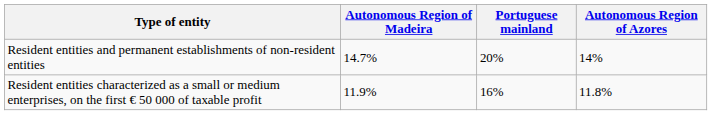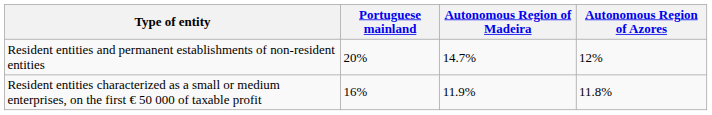 <table class="wikitable">
 <tr>
 <th>Type of entity</th>
+<th><a href='#'>Portuguese mainland</a> </th>
 <th><a href='#'>Autonomous Region of Madeira</a> </th>
-<th><a href='#'>Portuguese mainland</a> </th>
 <th><a href='#'>Autonomous Region of Azores</a> </th>
 </tr>
 <tr>
 <td>Resident entities and permanent establishments of non-resident entities</td>
+<td>20%</td>
 <td>14.7%</td>
-<td>20%</td>
-<td>14%</td>
+<td>12%</td>
 </tr>
 <tr>
 <td>Resident entities characterized as a small or medium enterprises, on the first € 50 000 of taxable profit</td>
+<td>16%</td>
 <td>11.9%</td>
-<td>16%</td>
 <td>11.8%</td>
 </tr>
 </table>
